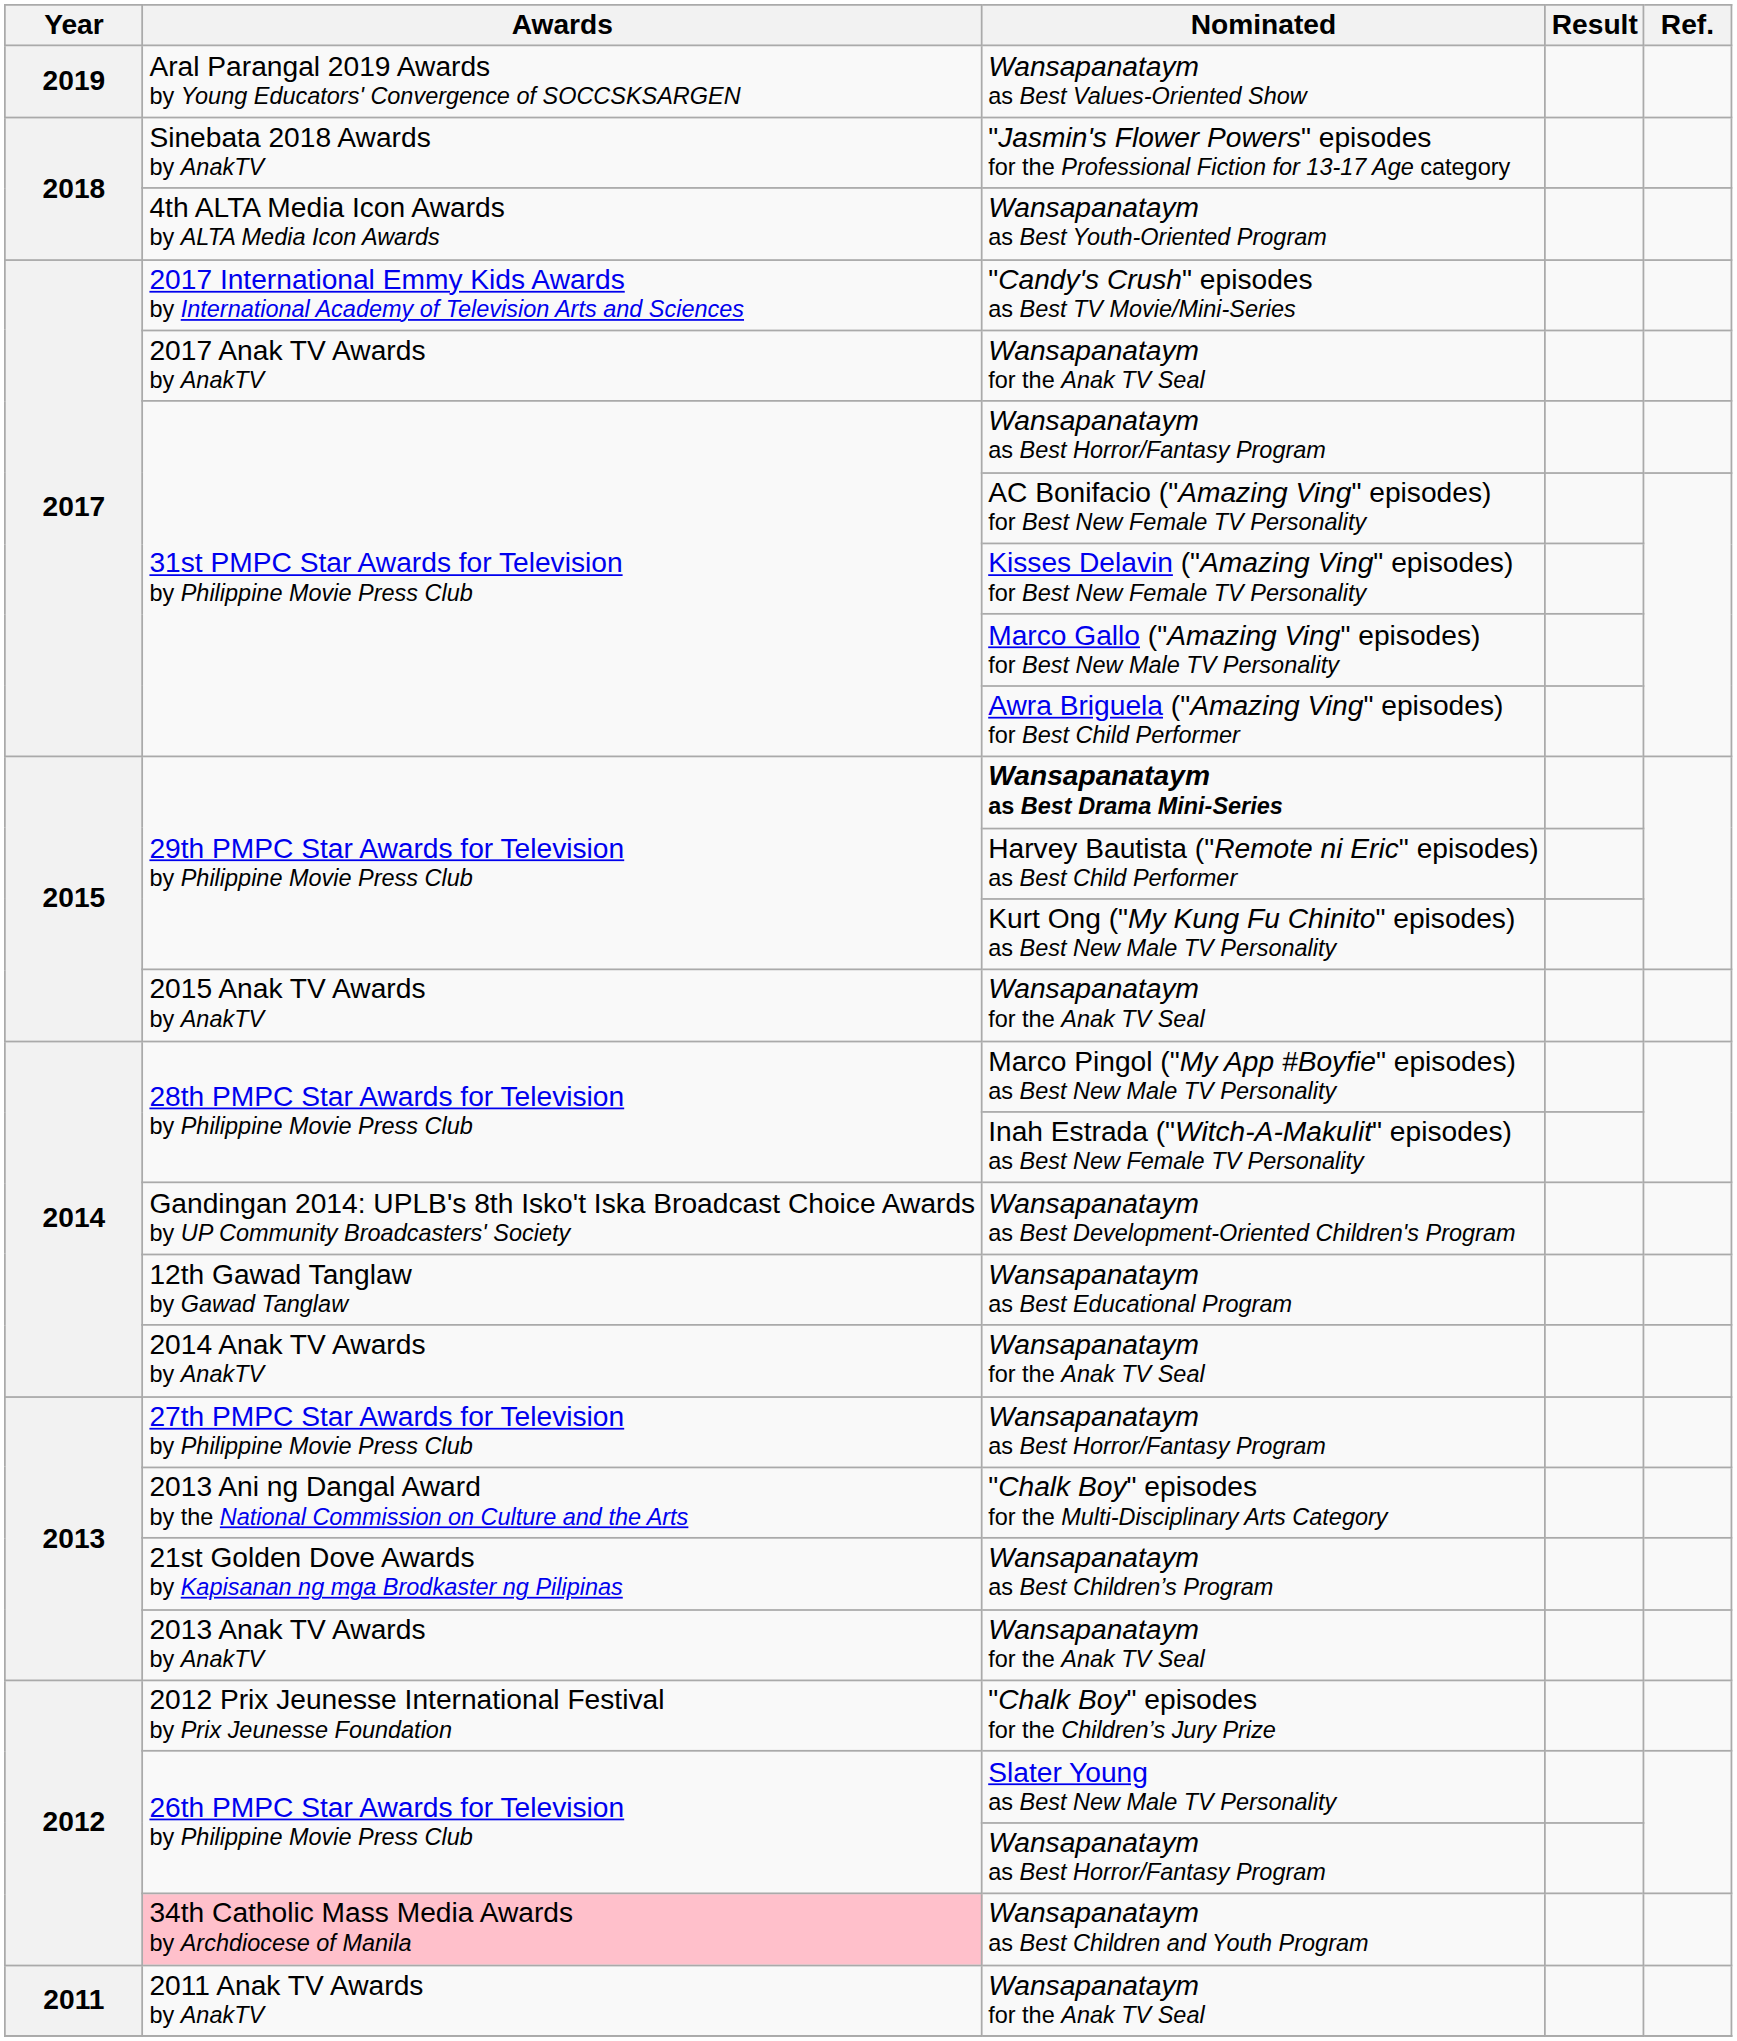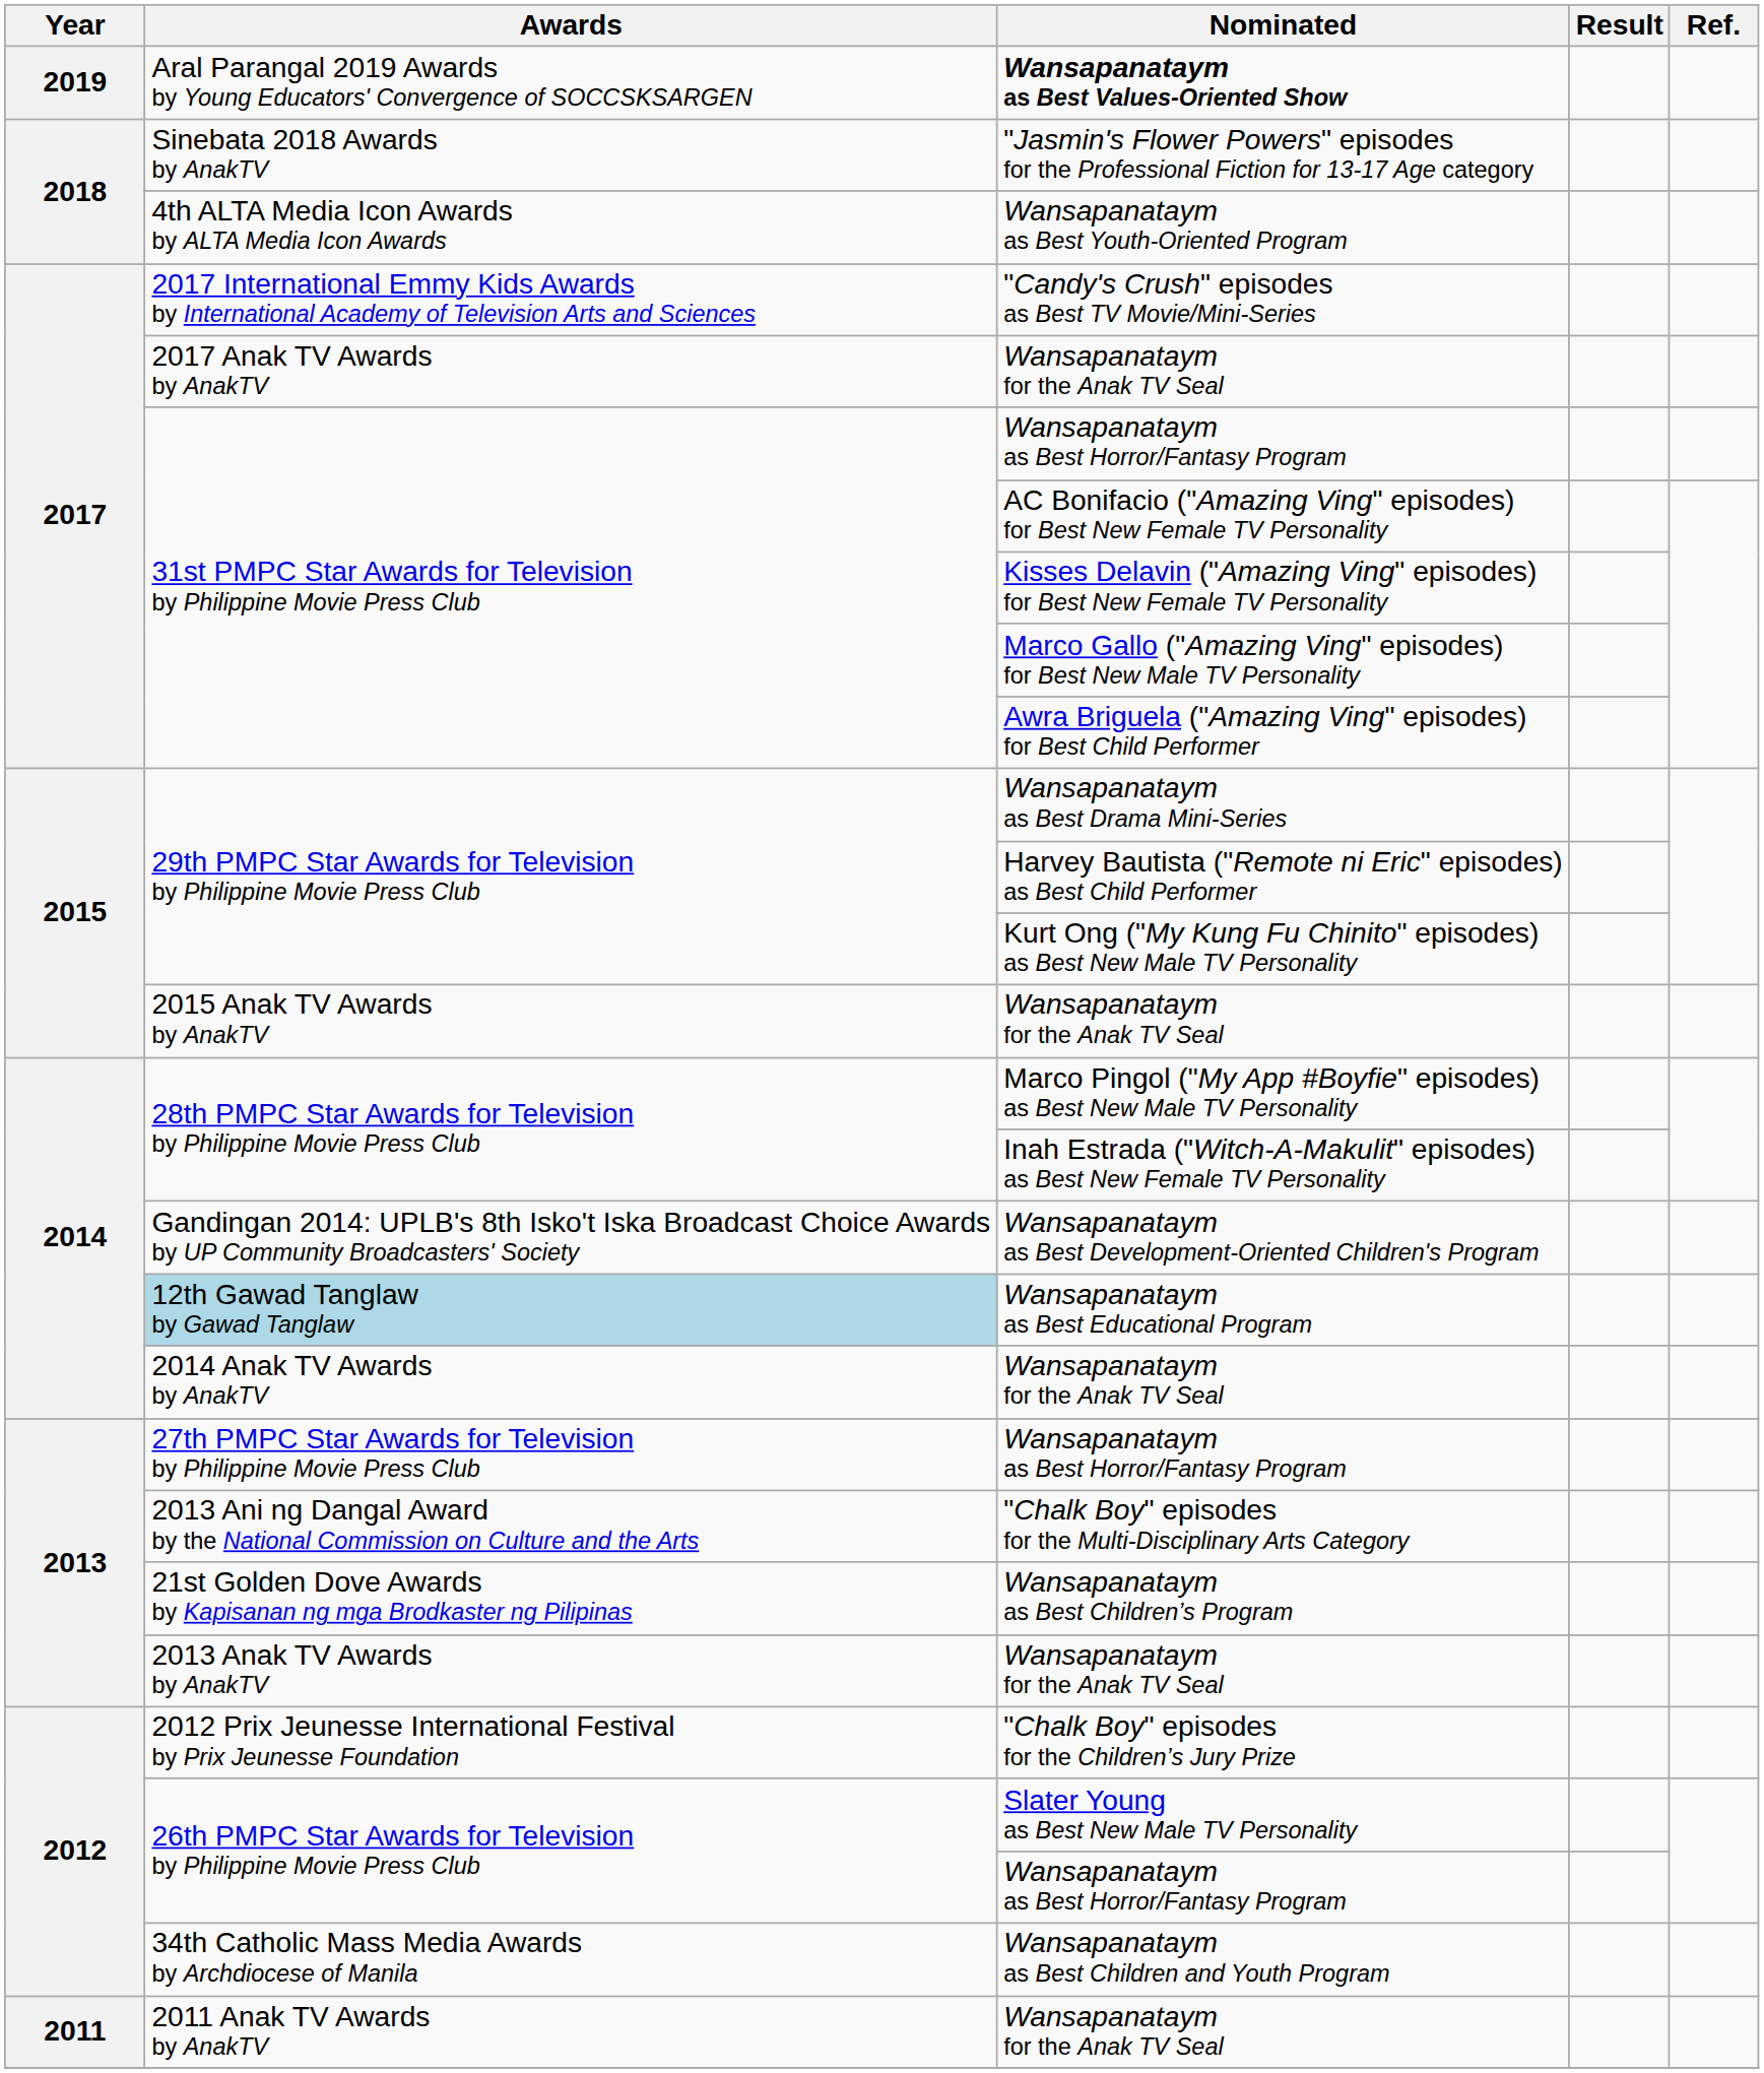 <table class="wikitable" style="text-align:left; font-size:100%; line-height:16px; width:auto;">
 <tr>
 <th width="08%">Year</th>
 <th>Awards</th>
 <th>Nominated</th>
 <th>Result</th>
 <th width="05%">Ref.</th>
 </tr>
 <tr>
 <th>2019</th>
 <td>Aral Parangal 2019 Awards<br><small>by <em>Young Educators' Convergence of SOCCSKSARGEN</em></small></td>
-<td><em>Wansapanataym</em><br><small>as <em>Best Values-Oriented Show</em></small></td>
+<td><strong><em>Wansapanataym</em><br><small>as <em>Best Values-Oriented Show</em></small></strong></td>
 <td></td>
 <td align="center"></td>
 </tr>
 <tr>
 <th rowspan="2">2018</th>
 <td>Sinebata 2018 Awards<br><small>by <em>AnakTV</em></small></td>
 <td>"<em>Jasmin's Flower Powers</em>" episodes<br><small>for the <em>Professional Fiction for 13-17 Age</em> category</small></td>
 <td></td>
 <td align="center"></td>
 </tr>
 <tr>
 <td>4th ALTA Media Icon Awards<br><small>by <em>ALTA Media Icon Awards</em></small></td>
 <td><em>Wansapanataym</em><br><small>as <em>Best Youth-Oriented Program</em></small></td>
 <td></td>
 <td align="center"></td>
 </tr>
 <tr>
 <th rowspan="7">2017</th>
 <td><a href='#'>2017 International Emmy Kids Awards</a><br><small>by <em><a href='#'>International Academy of Television Arts and Sciences</a></em></small></td>
 <td>"<em>Candy's Crush</em>" episodes<br><small>as <em>Best TV Movie/Mini-Series</em></small></td>
 <td></td>
 <td align="center"></td>
 </tr>
 <tr>
 <td>2017 Anak TV Awards<br><small>by <em>AnakTV</em></small></td>
 <td><em>Wansapanataym</em><br><small>for the <em>Anak TV Seal</em></small></td>
 <td></td>
 <td align="center"></td>
 </tr>
 <tr>
 <td rowspan="5"><a href='#'>31st PMPC Star Awards for Television</a><br><small>by <em>Philippine Movie Press Club</em></small></td>
 <td><em>Wansapanataym</em><br><small>as <em>Best Horror/Fantasy Program</em></small></td>
 <td></td>
 <td align="center"></td>
 </tr>
 <tr>
 <td>AC Bonifacio ("<em>Amazing Ving</em>" episodes)<br><small>for <em>Best New Female TV Personality</em></small></td>
 <td></td>
 <td rowspan="4" align="center"></td>
 </tr>
 <tr>
 <td><a href='#'>Kisses Delavin</a> ("<em>Amazing Ving</em>" episodes)<br><small>for <em>Best New Female TV Personality</em></small></td>
 <td></td>
 </tr>
 <tr>
 <td><a href='#'>Marco Gallo</a> ("<em>Amazing Ving</em>" episodes)<br><small>for <em>Best New Male TV Personality</em></small></td>
 <td></td>
 </tr>
 <tr>
 <td><a href='#'>Awra Briguela</a> ("<em>Amazing Ving</em>" episodes)<br><small>for <em>Best Child Performer</em></small></td>
 <td></td>
 </tr>
 <tr>
 <th rowspan="4">2015</th>
 <td rowspan="3"><a href='#'>29th PMPC Star Awards for Television</a><br><small>by <em>Philippine Movie Press Club</em></small></td>
-<td><strong><em>Wansapanataym</em><br><small>as <em>Best Drama Mini-Series</em></small></strong></td>
+<td><em>Wansapanataym</em><br><small>as <em>Best Drama Mini-Series</em></small></td>
 <td></td>
 <td rowspan="3" align="center"></td>
 </tr>
 <tr>
 <td>Harvey Bautista ("<em>Remote ni Eric</em>" episodes)<br><small>as <em>Best Child Performer</em></small></td>
 <td></td>
 </tr>
 <tr>
 <td>Kurt Ong ("<em>My Kung Fu Chinito</em>" episodes)<br><small>as <em>Best New Male TV Personality</em></small></td>
 <td></td>
 </tr>
 <tr>
 <td>2015 Anak TV Awards<br><small>by <em>AnakTV</em></small></td>
 <td><em>Wansapanataym</em><br><small>for the <em>Anak TV Seal</em></small></td>
 <td></td>
 <td align="center"></td>
 </tr>
 <tr>
 <th rowspan="5">2014</th>
 <td rowspan="2"><a href='#'>28th PMPC Star Awards for Television</a><br><small>by <em>Philippine Movie Press Club</em></small></td>
 <td>Marco Pingol ("<em>My App #Boyfie</em>" episodes)<br><small>as <em>Best New Male TV Personality</em></small></td>
 <td></td>
 <td rowspan="2" align="center"></td>
 </tr>
 <tr>
 <td>Inah Estrada ("<em>Witch-A-Makulit</em>" episodes)<br><small>as <em>Best New Female TV Personality</em></small></td>
 <td></td>
 </tr>
 <tr>
 <td>Gandingan 2014: UPLB's 8th Isko't Iska Broadcast Choice Awards<br><small>by <em>UP Community Broadcasters' Society</em></small></td>
 <td><em>Wansapanataym</em><br><small>as <em>Best Development-Oriented Children's Program</em></small></td>
 <td></td>
 <td align="center"></td>
 </tr>
 <tr>
-<td>12th Gawad Tanglaw<br><small>by <em>Gawad Tanglaw</em></small></td>
+<td style="background: lightblue;">12th Gawad Tanglaw<br><small>by <em>Gawad Tanglaw</em></small></td>
 <td><em>Wansapanataym</em><br><small>as <em>Best Educational Program</em></small></td>
 <td></td>
 <td align="center"></td>
 </tr>
 <tr>
 <td>2014 Anak TV Awards<br><small>by <em>AnakTV</em></small></td>
 <td><em>Wansapanataym</em><br><small>for the <em>Anak TV Seal</em></small></td>
 <td></td>
 <td align="center"></td>
 </tr>
 <tr>
 <th rowspan="4">2013</th>
 <td><a href='#'>27th PMPC Star Awards for Television</a><br><small>by <em>Philippine Movie Press Club</em></small></td>
 <td><em>Wansapanataym</em><br><small>as <em>Best Horror/Fantasy Program</em></small></td>
 <td></td>
 <td align="center"></td>
 </tr>
 <tr>
 <td>2013 Ani ng Dangal Award<br><small>by the <em><a href='#'>National Commission on Culture and the Arts</a></em></small></td>
 <td>"<em>Chalk Boy</em>" episodes<br><small>for the <em>Multi-Disciplinary Arts Category</em></small></td>
 <td></td>
 <td align="center"></td>
 </tr>
 <tr>
 <td>21st Golden Dove Awards<br><small>by <em><a href='#'>Kapisanan ng mga Brodkaster ng Pilipinas</a></em></small></td>
 <td><em>Wansapanataym</em><br><small>as <em>Best Children’s Program</em></small></td>
 <td></td>
 <td align="center"></td>
 </tr>
 <tr>
 <td>2013 Anak TV Awards<br><small>by <em>AnakTV</em></small></td>
 <td><em>Wansapanataym</em><br><small>for the <em>Anak TV Seal</em></small></td>
 <td></td>
 <td align="center"></td>
 </tr>
 <tr>
 <th rowspan="4">2012</th>
 <td>2012 Prix Jeunesse International Festival<br><small>by <em>Prix Jeunesse Foundation</em></small></td>
 <td>"<em>Chalk Boy</em>" episodes<br><small>for the <em>Children’s Jury Prize</em></small></td>
 <td></td>
 <td align="center"></td>
 </tr>
 <tr>
 <td rowspan="2"><a href='#'>26th PMPC Star Awards for Television</a><br><small>by <em>Philippine Movie Press Club</em></small></td>
 <td><a href='#'>Slater Young</a><br><small>as <em>Best New Male TV Personality</em></small></td>
 <td></td>
 <td rowspan="2" align="center"></td>
 </tr>
 <tr>
 <td><em>Wansapanataym</em><br><small>as <em>Best Horror/Fantasy Program</em></small></td>
 <td></td>
 </tr>
 <tr>
-<td style="background: pink;">34th Catholic Mass Media Awards<br><small>by <em>Archdiocese of Manila</em></small></td>
+<td>34th Catholic Mass Media Awards<br><small>by <em>Archdiocese of Manila</em></small></td>
 <td><em>Wansapanataym</em><br><small>as <em>Best Children and Youth Program</em></small></td>
 <td></td>
 <td align="center"></td>
 </tr>
 <tr>
 <th>2011</th>
 <td>2011 Anak TV Awards<br><small>by <em>AnakTV</em></small></td>
 <td><em>Wansapanataym</em><br><small>for the <em>Anak TV Seal</em></small></td>
 <td></td>
 <td align="center"></td>
 </tr>
 <tr>
 </tr>
 </table>
